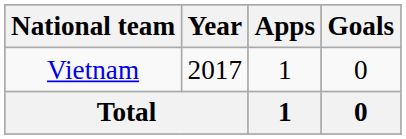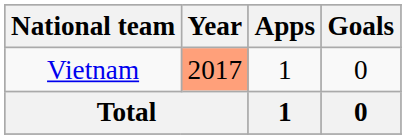 <table class="wikitable" style="text-align: center;">
 <tr>
 <th>National team</th>
 <th>Year</th>
 <th>Apps</th>
 <th>Goals</th>
 </tr>
 <tr>
 <td><a href='#'>Vietnam</a></td>
-<td>2017</td>
+<td style="background: lightsalmon;">2017</td>
 <td>1</td>
 <td>0</td>
 </tr>
 <tr>
 <th colspan=2>Total</th>
 <th>1</th>
 <th>0</th>
 </tr>
 </table>
